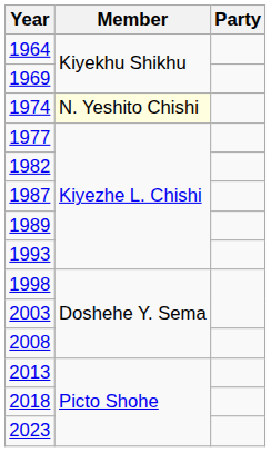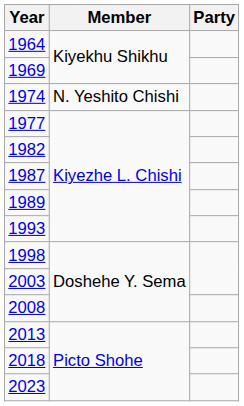 <table class="wikitable sortable">
 <tr>
 <th>Year</th>
 <th>Member</th>
 <th colspan="2">Party</th>
 </tr>
 <tr>
 <td><a href='#'>1964</a></td>
 <td rowspan=2>Kiyekhu Shikhu</td>
 <td></td>
 </tr>
 <tr>
 <td><a href='#'>1969</a></td>
 <td></td>
 </tr>
 <tr>
 <td><a href='#'>1974</a></td>
-<td style="background: lightyellow;">N. Yeshito Chishi</td>
+<td>N. Yeshito Chishi</td>
 <td></td>
 </tr>
 <tr>
 <td><a href='#'>1977</a></td>
 <td rowspan=5><a href='#'>Kiyezhe L. Chishi</a></td>
 <td></td>
 </tr>
 <tr>
 <td><a href='#'>1982</a></td>
 <td></td>
 </tr>
 <tr>
 <td><a href='#'>1987</a></td>
 </tr>
 <tr>
 <td><a href='#'>1989</a></td>
 <td></td>
 </tr>
 <tr>
 <td><a href='#'>1993</a></td>
 <td></td>
 </tr>
 <tr>
 <td><a href='#'>1998</a></td>
 <td rowspan=3>Doshehe Y. Sema</td>
 </tr>
 <tr>
 <td><a href='#'>2003</a></td>
 </tr>
 <tr>
 <td><a href='#'>2008</a></td>
 <td></td>
 </tr>
 <tr>
 <td><a href='#'>2013</a></td>
 <td rowspan=3><a href='#'>Picto Shohe</a></td>
 <td></td>
 </tr>
 <tr>
 <td><a href='#'>2018</a></td>
 <td></td>
 </tr>
 <tr>
 <td><a href='#'>2023</a></td>
 <td></td>
 </tr>
 </table>
